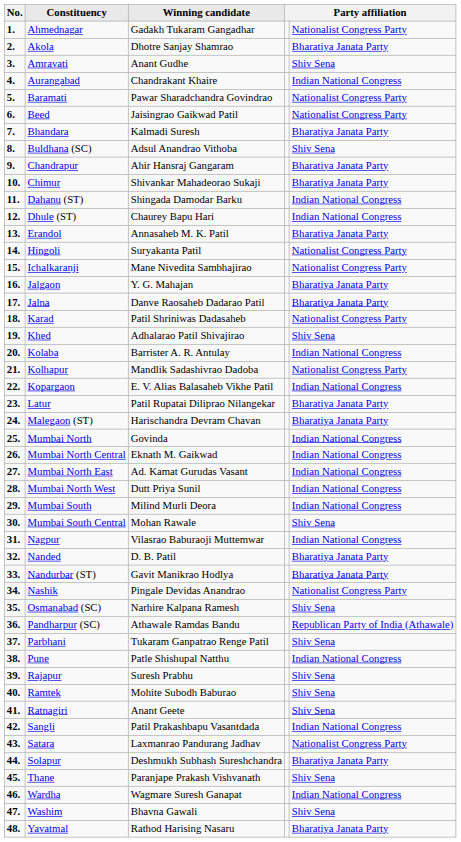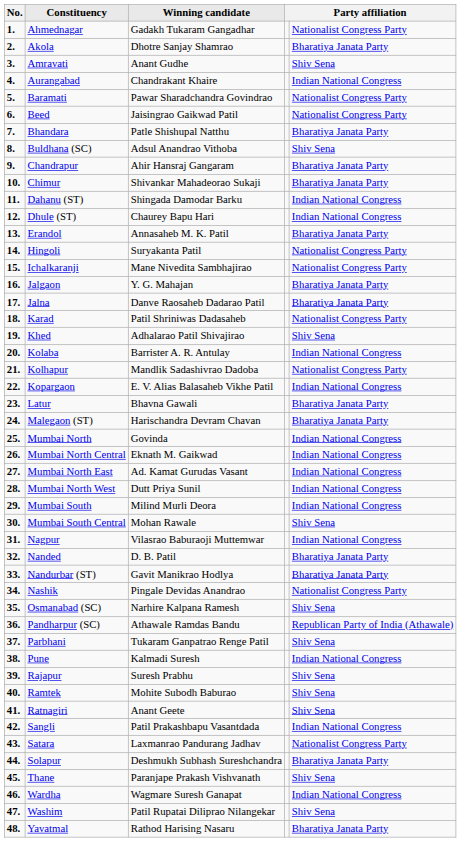 <table class="wikitable sortable">
 <tr>
 <th>No.</th>
 <th valign="top" align="left" style="background-color:#E9E9E9">Constituency</th>
 <th valign="top" align="left" style="background-color:#E9E9E9">Winning candidate</th>
 <th colspan="2">Party affiliation</th>
 </tr>
 <tr>
 <td><strong>1.</strong></td>
 <td><a href='#'>Ahmednagar</a></td>
 <td>Gadakh Tukaram Gangadhar</td>
 <td style="background-color: "></td>
 <td><a href='#'>Nationalist Congress Party</a></td>
 </tr>
 <tr>
 <td><strong>2.</strong></td>
 <td><a href='#'>Akola</a></td>
 <td>Dhotre Sanjay Shamrao</td>
 <td style="background-color:"></td>
 <td><a href='#'>Bharatiya Janata Party</a></td>
 </tr>
 <tr>
 <td><strong>3.</strong></td>
 <td><a href='#'>Amravati</a></td>
 <td>Anant Gudhe</td>
 <td style="background-color: "></td>
 <td><a href='#'>Shiv Sena</a></td>
 </tr>
 <tr>
 <td><strong>4.</strong></td>
 <td><a href='#'>Aurangabad</a></td>
 <td>Chandrakant Khaire</td>
 <td style="background-color: "></td>
 <td><a href='#'>Indian National Congress</a></td>
 </tr>
 <tr>
 <td><strong>5.</strong></td>
 <td><a href='#'>Baramati</a></td>
 <td>Pawar Sharadchandra Govindrao</td>
 <td style="background-color: "></td>
 <td><a href='#'>Nationalist Congress Party</a></td>
 </tr>
 <tr>
 <td><strong>6.</strong></td>
 <td><a href='#'>Beed</a></td>
 <td>Jaisingrao Gaikwad Patil</td>
 <td style="background-color: "></td>
 <td><a href='#'>Nationalist Congress Party</a></td>
 </tr>
 <tr>
 <td><strong>7.</strong></td>
 <td><a href='#'>Bhandara</a></td>
-<td>Kalmadi Suresh</td>
+<td>Patle Shishupal Natthu</td>
 <td style="background-color:"></td>
 <td><a href='#'>Bharatiya Janata Party</a></td>
 </tr>
 <tr>
 <td><strong>8.</strong></td>
 <td><a href='#'>Buldhana</a> (SC)</td>
 <td>Adsul Anandrao Vithoba</td>
 <td style="background-color: "></td>
 <td><a href='#'>Shiv Sena</a></td>
 </tr>
 <tr>
 <td><strong>9.</strong></td>
 <td><a href='#'>Chandrapur</a></td>
 <td>Ahir Hansraj Gangaram</td>
 <td style="background-color:"></td>
 <td><a href='#'>Bharatiya Janata Party</a></td>
 </tr>
 <tr>
 <td><strong>10.</strong></td>
 <td><a href='#'>Chimur</a></td>
 <td>Shivankar Mahadeorao Sukaji</td>
 <td style="background-color:"></td>
 <td><a href='#'>Bharatiya Janata Party</a></td>
 </tr>
 <tr>
 <td><strong>11.</strong></td>
 <td><a href='#'>Dahanu</a> (ST)</td>
 <td>Shingada Damodar Barku</td>
 <td style="background-color: "></td>
 <td><a href='#'>Indian National Congress</a></td>
 </tr>
 <tr>
 <td><strong>12.</strong></td>
 <td><a href='#'>Dhule</a> (ST)</td>
 <td>Chaurey Bapu Hari</td>
 <td style="background-color: "></td>
 <td><a href='#'>Indian National Congress</a></td>
 </tr>
 <tr>
 <td><strong>13.</strong></td>
 <td><a href='#'>Erandol</a></td>
 <td>Annasaheb M. K. Patil</td>
 <td style="background-color:"></td>
 <td><a href='#'>Bharatiya Janata Party</a></td>
 </tr>
 <tr>
 <td><strong>14.</strong></td>
 <td><a href='#'>Hingoli</a></td>
 <td>Suryakanta Patil</td>
 <td style="background-color: "></td>
 <td><a href='#'>Nationalist Congress Party</a></td>
 </tr>
 <tr>
 <td><strong>15.</strong></td>
 <td><a href='#'>Ichalkaranji</a></td>
 <td>Mane Nivedita Sambhajirao</td>
 <td style="background-color: "></td>
 <td><a href='#'>Nationalist Congress Party</a></td>
 </tr>
 <tr>
 <td><strong>16.</strong></td>
 <td><a href='#'>Jalgaon</a></td>
 <td>Y. G. Mahajan</td>
 <td style="background-color:"></td>
 <td><a href='#'>Bharatiya Janata Party</a></td>
 </tr>
 <tr>
 <td><strong>17.</strong></td>
 <td><a href='#'>Jalna</a></td>
 <td>Danve Raosaheb Dadarao Patil</td>
 <td style="background-color:"></td>
 <td><a href='#'>Bharatiya Janata Party</a></td>
 </tr>
 <tr>
 <td><strong>18.</strong></td>
 <td><a href='#'>Karad</a></td>
 <td>Patil Shriniwas Dadasaheb</td>
 <td style="background-color: "></td>
 <td><a href='#'>Nationalist Congress Party</a></td>
 </tr>
 <tr>
 <td><strong>19.</strong></td>
 <td><a href='#'>Khed</a></td>
 <td>Adhalarao Patil Shivajirao</td>
 <td style="background-color: "></td>
 <td><a href='#'>Shiv Sena</a></td>
 </tr>
 <tr>
 <td><strong>20.</strong></td>
 <td><a href='#'>Kolaba</a></td>
 <td>Barrister A. R. Antulay</td>
 <td style="background-color: "></td>
 <td><a href='#'>Indian National Congress</a></td>
 </tr>
 <tr>
 <td><strong>21.</strong></td>
 <td><a href='#'>Kolhapur</a></td>
 <td>Mandlik Sadashivrao Dadoba</td>
 <td style="background-color: "></td>
 <td><a href='#'>Nationalist Congress Party</a></td>
 </tr>
 <tr>
 <td><strong>22.</strong></td>
 <td><a href='#'>Kopargaon</a></td>
 <td>E. V. Alias Balasaheb Vikhe Patil</td>
 <td style="background-color: "></td>
 <td><a href='#'>Indian National Congress</a></td>
 </tr>
 <tr>
 <td><strong>23.</strong></td>
 <td><a href='#'>Latur</a></td>
-<td>Patil Rupatai Diliprao Nilangekar</td>
+<td>Bhavna Gawali</td>
 <td style="background-color:"></td>
 <td><a href='#'>Bharatiya Janata Party</a></td>
 </tr>
 <tr>
 <td><strong>24.</strong></td>
 <td><a href='#'>Malegaon</a> (ST)</td>
 <td>Harischandra Devram Chavan</td>
 <td style="background-color:"></td>
 <td><a href='#'>Bharatiya Janata Party</a></td>
 </tr>
 <tr>
 <td><strong>25.</strong></td>
 <td><a href='#'>Mumbai North</a></td>
 <td>Govinda</td>
 <td style="background-color: "></td>
 <td><a href='#'>Indian National Congress</a></td>
 </tr>
 <tr>
 <td><strong>26.</strong></td>
 <td><a href='#'>Mumbai North Central</a></td>
 <td>Eknath M. Gaikwad</td>
 <td style="background-color: "></td>
 <td><a href='#'>Indian National Congress</a></td>
 </tr>
 <tr>
 <td><strong>27.</strong></td>
 <td><a href='#'>Mumbai North East</a></td>
 <td>Ad. Kamat Gurudas Vasant</td>
 <td style="background-color: "></td>
 <td><a href='#'>Indian National Congress</a></td>
 </tr>
 <tr>
 <td><strong>28.</strong></td>
 <td><a href='#'>Mumbai North West</a></td>
 <td>Dutt Priya Sunil</td>
 <td style="background-color: "></td>
 <td><a href='#'>Indian National Congress</a></td>
 </tr>
 <tr>
 <td><strong>29.</strong></td>
 <td><a href='#'>Mumbai South</a></td>
 <td>Milind Murli Deora</td>
 <td style="background-color: "></td>
 <td><a href='#'>Indian National Congress</a></td>
 </tr>
 <tr>
 <td><strong>30.</strong></td>
 <td><a href='#'>Mumbai South Central</a></td>
 <td>Mohan Rawale</td>
 <td style="background-color: "></td>
 <td><a href='#'>Shiv Sena</a></td>
 </tr>
 <tr>
 <td><strong>31.</strong></td>
 <td><a href='#'>Nagpur</a></td>
 <td>Vilasrao Baburaoji Muttemwar</td>
 <td style="background-color: "></td>
 <td><a href='#'>Indian National Congress</a></td>
 </tr>
 <tr>
 <td><strong>32.</strong></td>
 <td><a href='#'>Nanded</a></td>
 <td>D. B. Patil</td>
 <td style="background-color:"></td>
 <td><a href='#'>Bharatiya Janata Party</a></td>
 </tr>
 <tr>
 <td><strong>33.</strong></td>
 <td><a href='#'>Nandurbar</a> (ST)</td>
 <td>Gavit Manikrao Hodlya</td>
 <td style="background-color: "></td>
 <td><a href='#'>Bharatiya Janata Party</a></td>
 </tr>
 <tr>
 <td><strong>34.</strong></td>
 <td><a href='#'>Nashik</a></td>
 <td>Pingale Devidas Anandrao</td>
 <td style="background-color: "></td>
 <td><a href='#'>Nationalist Congress Party</a></td>
 </tr>
 <tr>
 <td><strong>35.</strong></td>
 <td><a href='#'>Osmanabad</a> (SC)</td>
 <td>Narhire Kalpana Ramesh</td>
 <td style="background-color: "></td>
 <td><a href='#'>Shiv Sena</a></td>
 </tr>
 <tr>
 <td><strong>36.</strong></td>
 <td><a href='#'>Pandharpur</a> (SC)</td>
 <td>Athawale Ramdas Bandu</td>
 <td style="background-color: "></td>
 <td><a href='#'>Republican Party of India (Athawale)</a></td>
 </tr>
 <tr>
 <td><strong>37.</strong></td>
 <td><a href='#'>Parbhani</a></td>
 <td>Tukaram Ganpatrao Renge Patil</td>
 <td style="background-color: "></td>
 <td><a href='#'>Shiv Sena</a></td>
 </tr>
 <tr>
 <td><strong>38.</strong></td>
 <td><a href='#'>Pune</a></td>
-<td>Patle Shishupal Natthu</td>
+<td>Kalmadi Suresh</td>
 <td style="background-color: "></td>
 <td><a href='#'>Indian National Congress</a></td>
 </tr>
 <tr>
 <td><strong>39.</strong></td>
 <td><a href='#'>Rajapur</a></td>
 <td>Suresh Prabhu</td>
 <td style="background-color: "></td>
 <td><a href='#'>Shiv Sena</a></td>
 </tr>
 <tr>
 <td><strong>40.</strong></td>
 <td><a href='#'>Ramtek</a></td>
 <td>Mohite Subodh Baburao</td>
 <td style="background-color: "></td>
 <td><a href='#'>Shiv Sena</a></td>
 </tr>
 <tr>
 <td><strong>41.</strong></td>
 <td><a href='#'>Ratnagiri</a></td>
 <td>Anant Geete</td>
 <td style="background-color: "></td>
 <td><a href='#'>Shiv Sena</a></td>
 </tr>
 <tr>
 <td><strong>42.</strong></td>
 <td><a href='#'>Sangli</a></td>
 <td>Patil Prakashbapu Vasantdada</td>
 <td style="background-color: "></td>
 <td><a href='#'>Indian National Congress</a></td>
 </tr>
 <tr>
 <td><strong>43.</strong></td>
 <td><a href='#'>Satara</a></td>
 <td>Laxmanrao Pandurang Jadhav</td>
 <td style="background-color: "></td>
 <td><a href='#'>Nationalist Congress Party</a></td>
 </tr>
 <tr>
 <td><strong>44.</strong></td>
 <td><a href='#'>Solapur</a></td>
 <td>Deshmukh Subhash Sureshchandra</td>
 <td style="background-color:"></td>
 <td><a href='#'>Bharatiya Janata Party</a></td>
 </tr>
 <tr>
 <td><strong>45.</strong></td>
 <td><a href='#'>Thane</a></td>
 <td>Paranjape Prakash Vishvanath</td>
 <td style="background-color: "></td>
 <td><a href='#'>Shiv Sena</a></td>
 </tr>
 <tr>
 <td><strong>46.</strong></td>
 <td><a href='#'>Wardha</a></td>
 <td>Wagmare Suresh Ganapat</td>
 <td style="background-color:"></td>
 <td><a href='#'>Indian National Congress</a></td>
 </tr>
 <tr>
 <td><strong>47.</strong></td>
 <td><a href='#'>Washim</a></td>
-<td>Bhavna Gawali</td>
+<td>Patil Rupatai Diliprao Nilangekar</td>
 <td style="background-color: "></td>
 <td><a href='#'>Shiv Sena</a></td>
 </tr>
 <tr>
 <td><strong>48.</strong></td>
 <td><a href='#'>Yavatmal</a></td>
 <td>Rathod Harising Nasaru</td>
 <td style="background-color:"></td>
 <td><a href='#'>Bharatiya Janata Party</a></td>
 </tr>
 </table>
